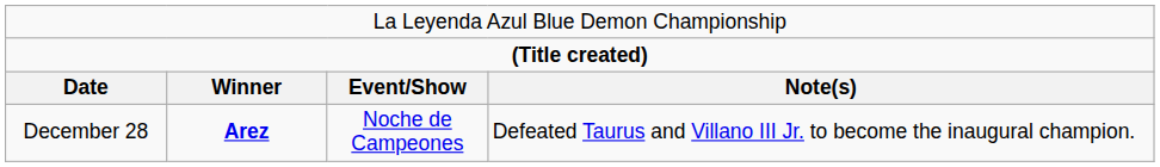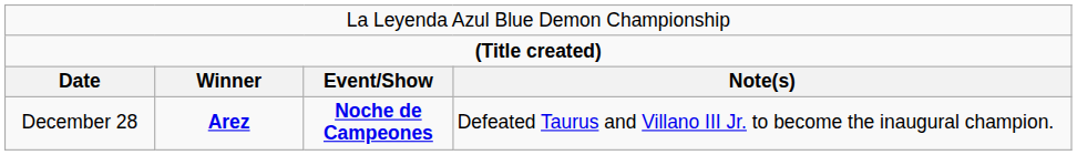 <table class="wikitable" style="text-align:center; width:100%;">
 <tr>
 <td colspan="4" style="text-align: center;">La Leyenda Azul Blue Demon Championship</td>
 </tr>
 <tr>
 <td colspan="4" style="text-align: center;"><strong>(Title created)</strong></td>
 </tr>
 <tr>
 <th width=14%>Date</th>
 <th width=14%>Winner</th>
 <th width=14%>Event/Show</th>
 <th width=58%>Note(s)</th>
 </tr>
 <tr>
 <td>December 28</td>
 <td><strong><a href='#'>Arez</a></strong></td>
-<td><a href='#'>Noche de Campeones</a></td>
+<td><strong><a href='#'>Noche de Campeones</a></strong></td>
 <td align=left>Defeated <a href='#'>Taurus</a> and <a href='#'>Villano III Jr.</a> to become the inaugural champion.</td>
 </tr>
 </table>
